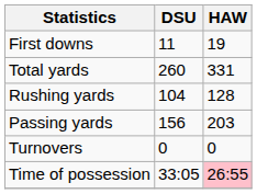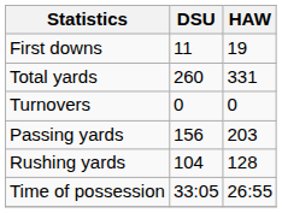 <table class="wikitable" style="float: left;">
 <tr>
 <th>Statistics</th>
 <th>DSU</th>
 <th>HAW</th>
 </tr>
 <tr>
 <td>First downs</td>
 <td>11</td>
 <td>19</td>
 </tr>
 <tr>
 <td>Total yards</td>
 <td>260</td>
 <td>331</td>
 </tr>
 <tr>
-<td>Rushing yards</td>
-<td>104</td>
-<td>128</td>
+<td>Turnovers</td>
+<td>0</td>
+<td>0</td>
 </tr>
 <tr>
 <td>Passing yards</td>
 <td>156</td>
 <td>203</td>
 </tr>
 <tr>
-<td>Turnovers</td>
-<td>0</td>
-<td>0</td>
+<td>Rushing yards</td>
+<td>104</td>
+<td>128</td>
 </tr>
 <tr>
 <td>Time of possession</td>
 <td>33:05</td>
-<td style="background: pink;">26:55</td>
+<td>26:55</td>
 </tr>
 <tr>
 </tr>
 </table>
